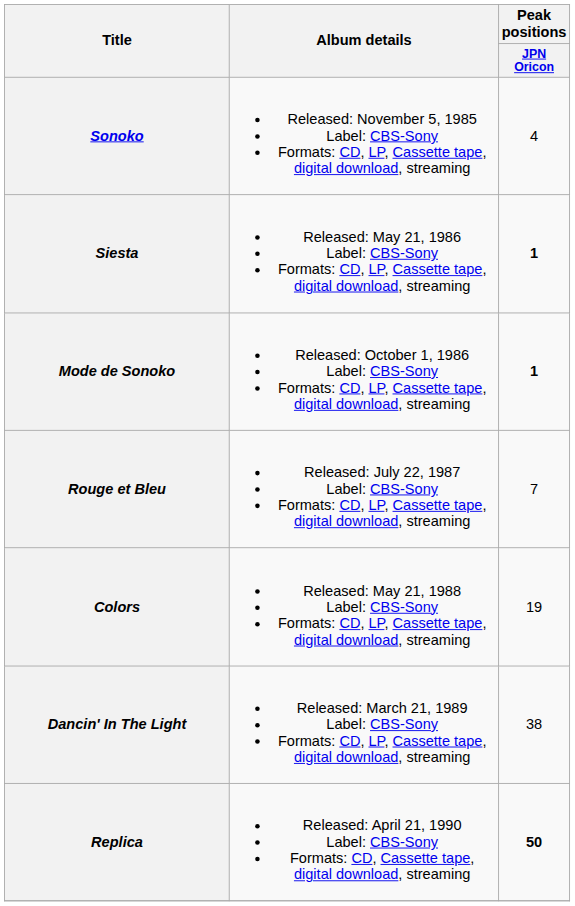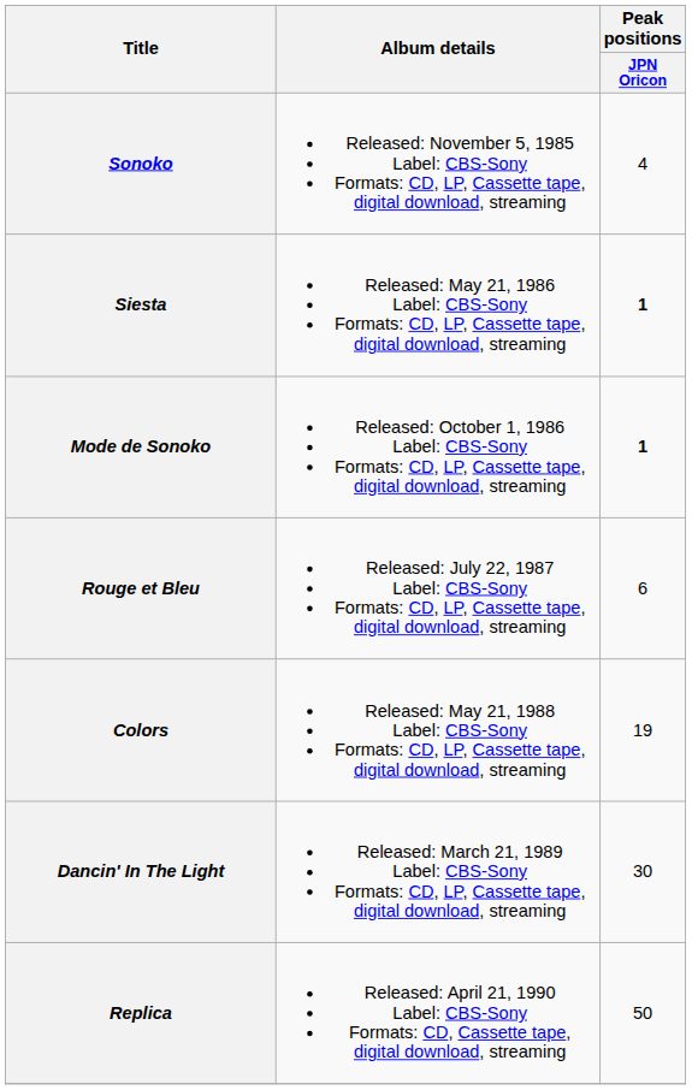 <table class="wikitable plainrowheaders" style="text-align:center;">
 <tr>
 <th style="width:15em;" rowspan="2">Title</th>
 <th style="width:18em;" rowspan="2">Album details</th>
 <th colspan="1">Peak positions</th>
 </tr>
 <tr>
 <th style="width:3em;font-size:85%"><a href='#'>JPN<br>Oricon</a><br></th>
 </tr>
 <tr>
 <th scope="row"><em><a href='#'>Sonoko</a></em></th>
 <td><br><ul><li>Released: November 5, 1985</li><li>Label: <a href='#'>CBS-Sony</a></li><li>Formats: <a href='#'>CD</a>, <a href='#'>LP</a>, <a href='#'>Cassette tape</a>, <a href='#'>digital download</a>, streaming</li></ul></td>
 <td>4</td>
 </tr>
 <tr>
 <th scope="row"><em>Siesta</em></th>
 <td><br><ul><li>Released: May 21, 1986</li><li>Label: <a href='#'>CBS-Sony</a></li><li>Formats: <a href='#'>CD</a>, <a href='#'>LP</a>, <a href='#'>Cassette tape</a>, <a href='#'>digital download</a>, streaming</li></ul></td>
 <td><strong>1</strong></td>
 </tr>
 <tr>
 <th scope="row"><em>Mode de Sonoko</em></th>
 <td><br><ul><li>Released: October 1, 1986</li><li>Label: <a href='#'>CBS-Sony</a></li><li>Formats: <a href='#'>CD</a>, <a href='#'>LP</a>, <a href='#'>Cassette tape</a>, <a href='#'>digital download</a>, streaming</li></ul></td>
 <td><strong>1</strong></td>
 </tr>
 <tr>
 <th scope="row"><em>Rouge et Bleu</em></th>
 <td><br><ul><li>Released: July 22, 1987</li><li>Label: <a href='#'>CBS-Sony</a></li><li>Formats: <a href='#'>CD</a>, <a href='#'>LP</a>, <a href='#'>Cassette tape</a>, <a href='#'>digital download</a>, streaming</li></ul></td>
-<td>7</td>
+<td>6</td>
 </tr>
 <tr>
 <th scope="row"><em>Colors</em></th>
 <td><br><ul><li>Released: May 21, 1988</li><li>Label: <a href='#'>CBS-Sony</a></li><li>Formats: <a href='#'>CD</a>, <a href='#'>LP</a>, <a href='#'>Cassette tape</a>, <a href='#'>digital download</a>, streaming</li></ul></td>
 <td>19</td>
 </tr>
 <tr>
 <th scope="row"><em>Dancin' In The Light</em></th>
 <td><br><ul><li>Released: March 21, 1989</li><li>Label: <a href='#'>CBS-Sony</a></li><li>Formats: <a href='#'>CD</a>, <a href='#'>LP</a>, <a href='#'>Cassette tape</a>, <a href='#'>digital download</a>, streaming</li></ul></td>
-<td>38</td>
+<td>30</td>
 </tr>
 <tr>
 <th scope="row"><em>Replica</em></th>
 <td><br><ul><li>Released: April 21, 1990</li><li>Label: <a href='#'>CBS-Sony</a></li><li>Formats: <a href='#'>CD</a>, <a href='#'>Cassette tape</a>, <a href='#'>digital download</a>, streaming</li></ul></td>
-<td><strong>50</strong></td>
+<td>50</td>
 </tr>
 <tr>
 </tr>
 </table>
